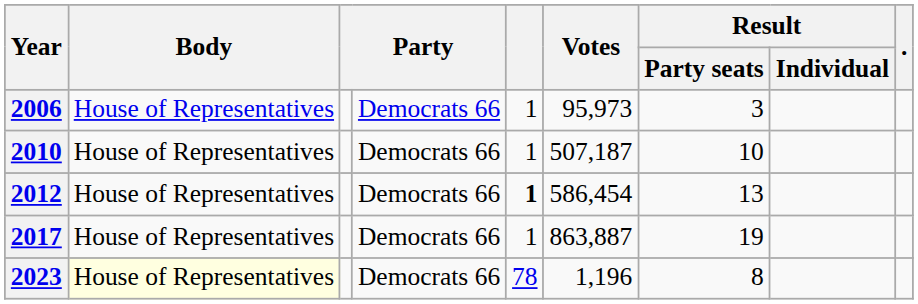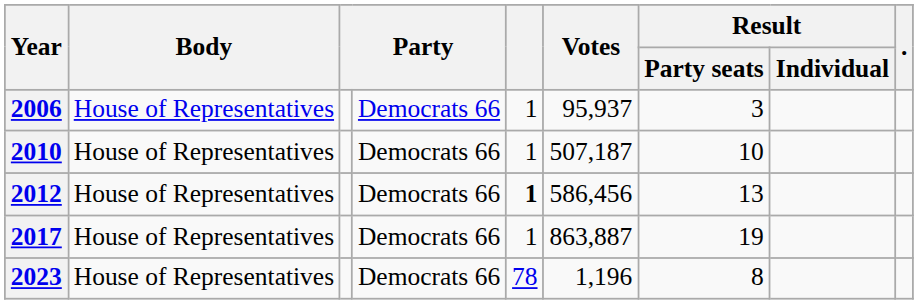 <table class="wikitable plainrowheaders sortable" border=2 cellpadding=4 cellspacing=0 style="border: 1px #aaa solid; font-size: 90%; text-align:center;">
 <tr>
 <th scope="col" rowspan=2>Year</th>
 <th scope="col" rowspan=2>Body</th>
 <th scope="col" colspan=2 rowspan=2>Party</th>
 <th scope="col" rowspan=2></th>
 <th scope="col" rowspan=2>Votes</th>
 <th scope="colgroup" colspan=2>Result</th>
 <th scope="col" rowspan=2 class="unsortable">.</th>
 </tr>
 <tr>
 <th scope="col">Party seats</th>
 <th scope="col">Individual</th>
 </tr>
 <tr>
 <th scope="row"><a href='#'>2006</a></th>
 <td><a href='#'>House of Representatives</a></td>
 <td style="background-color:"></td>
 <td><a href='#'>Democrats 66</a></td>
 <td style=text-align:right>1</td>
-<td style=text-align:right>95,973</td>
+<td style=text-align:right>95,937</td>
 <td style=text-align:right>3</td>
 <td></td>
 <td></td>
 </tr>
 <tr>
 <th scope="row"><a href='#'>2010</a></th>
 <td>House of Representatives</td>
 <td style="background-color:"></td>
 <td>Democrats 66</td>
 <td style=text-align:right>1</td>
 <td style=text-align:right>507,187</td>
 <td style=text-align:right>10</td>
 <td></td>
 <td></td>
 </tr>
 <tr>
 <th scope="row"><a href='#'>2012</a></th>
 <td>House of Representatives</td>
 <td style="background-color:"></td>
 <td>Democrats 66</td>
 <td style=text-align:right><strong>1</strong></td>
-<td style=text-align:right>586,454</td>
+<td style=text-align:right>586,456</td>
 <td style=text-align:right>13</td>
 <td></td>
 <td></td>
 </tr>
 <tr>
 <th scope="row"><a href='#'>2017</a></th>
 <td>House of Representatives</td>
 <td style="background-color:"></td>
 <td>Democrats 66</td>
 <td style=text-align:right>1</td>
 <td style=text-align:right>863,887</td>
 <td style=text-align:right>19</td>
 <td></td>
 <td></td>
 </tr>
 <tr>
 <th scope="row"><a href='#'>2023</a></th>
-<td style="background: lightyellow;">House of Representatives</td>
+<td>House of Representatives</td>
 <td style="background-color:"></td>
 <td>Democrats 66</td>
 <td style=text-align:right><a href='#'>78</a></td>
 <td style=text-align:right>1,196</td>
 <td style=text-align:right>8</td>
 <td></td>
 <td></td>
 </tr>
 </table>
